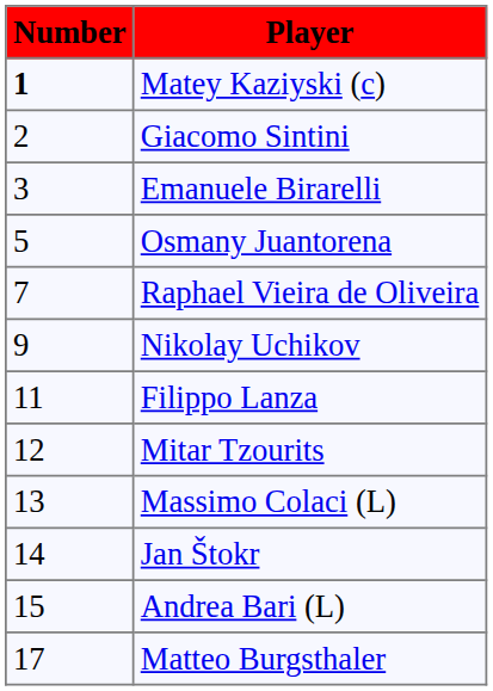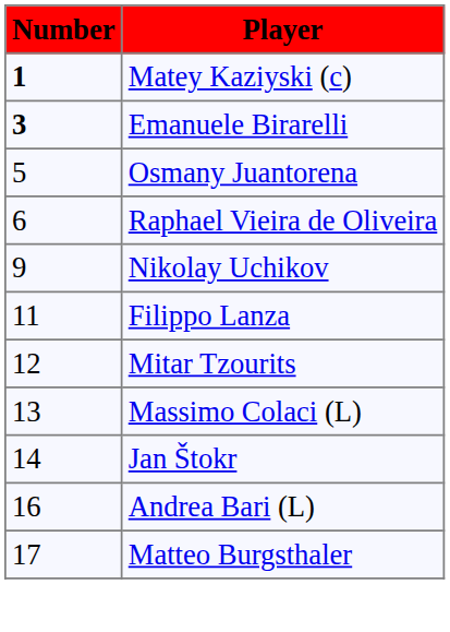 <table bgcolor="#f7f8ff" cellpadding="3" cellspacing="0" border="1" style="font-size: 95%; border: gray solid 1px; border-collapse: collapse;">
 <tr bgcolor="#ff0000">
 <td align=center><strong>Number</strong></td>
 <td align=center><strong>Player</strong></td>
 </tr>
 <tr align="left">
 <td><strong>1</strong></td>
 <td> <a href='#'>Matey Kaziyski</a> (<a href='#'>c</a>)</td>
 </tr>
-<tr align=left>
-<td>2</td>
-<td> <a href='#'>Giacomo Sintini</a></td>
-</tr>
 <tr align="left">
-<td>3</td>
+<td><strong>3</strong></td>
 <td> <a href='#'>Emanuele Birarelli</a></td>
 </tr>
 <tr align="left">
 <td>5</td>
 <td> <a href='#'>Osmany Juantorena</a></td>
 </tr>
 <tr align="left">
-<td>7</td>
+<td>6</td>
 <td> <a href='#'>Raphael Vieira de Oliveira</a></td>
 </tr>
 <tr align="left">
 <td>9</td>
 <td> <a href='#'>Nikolay Uchikov</a></td>
 </tr>
 <tr align="left">
 <td>11</td>
 <td> <a href='#'>Filippo Lanza</a></td>
 </tr>
 <tr align="left">
 <td>12</td>
 <td> <a href='#'>Mitar Tzourits</a></td>
 </tr>
 <tr align="left">
 <td>13</td>
 <td> <a href='#'>Massimo Colaci</a> (L)</td>
 </tr>
 <tr align="left">
 <td>14</td>
 <td> <a href='#'>Jan Štokr</a></td>
 </tr>
 <tr align="left">
-<td>15</td>
+<td>16</td>
 <td> <a href='#'>Andrea Bari</a> (L)</td>
 </tr>
 <tr align="left">
 <td>17</td>
 <td> <a href='#'>Matteo Burgsthaler</a></td>
 </tr>
 </table>
